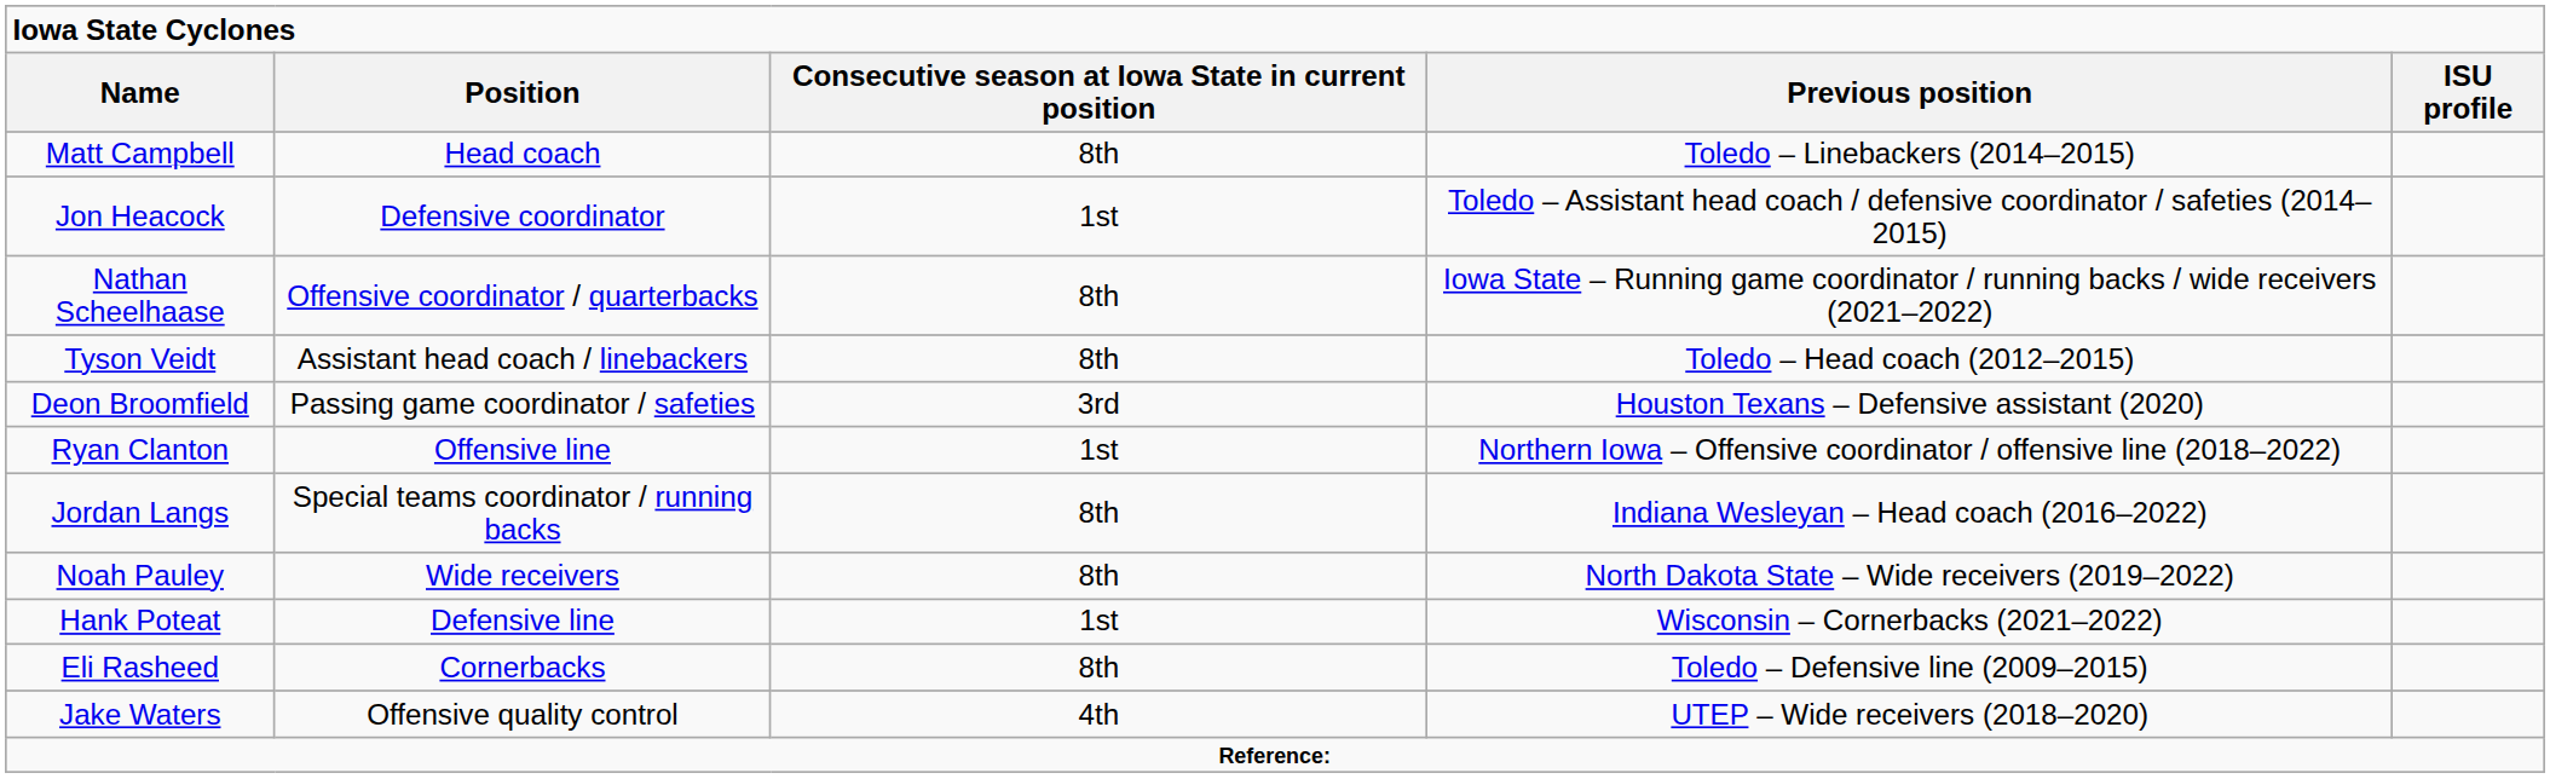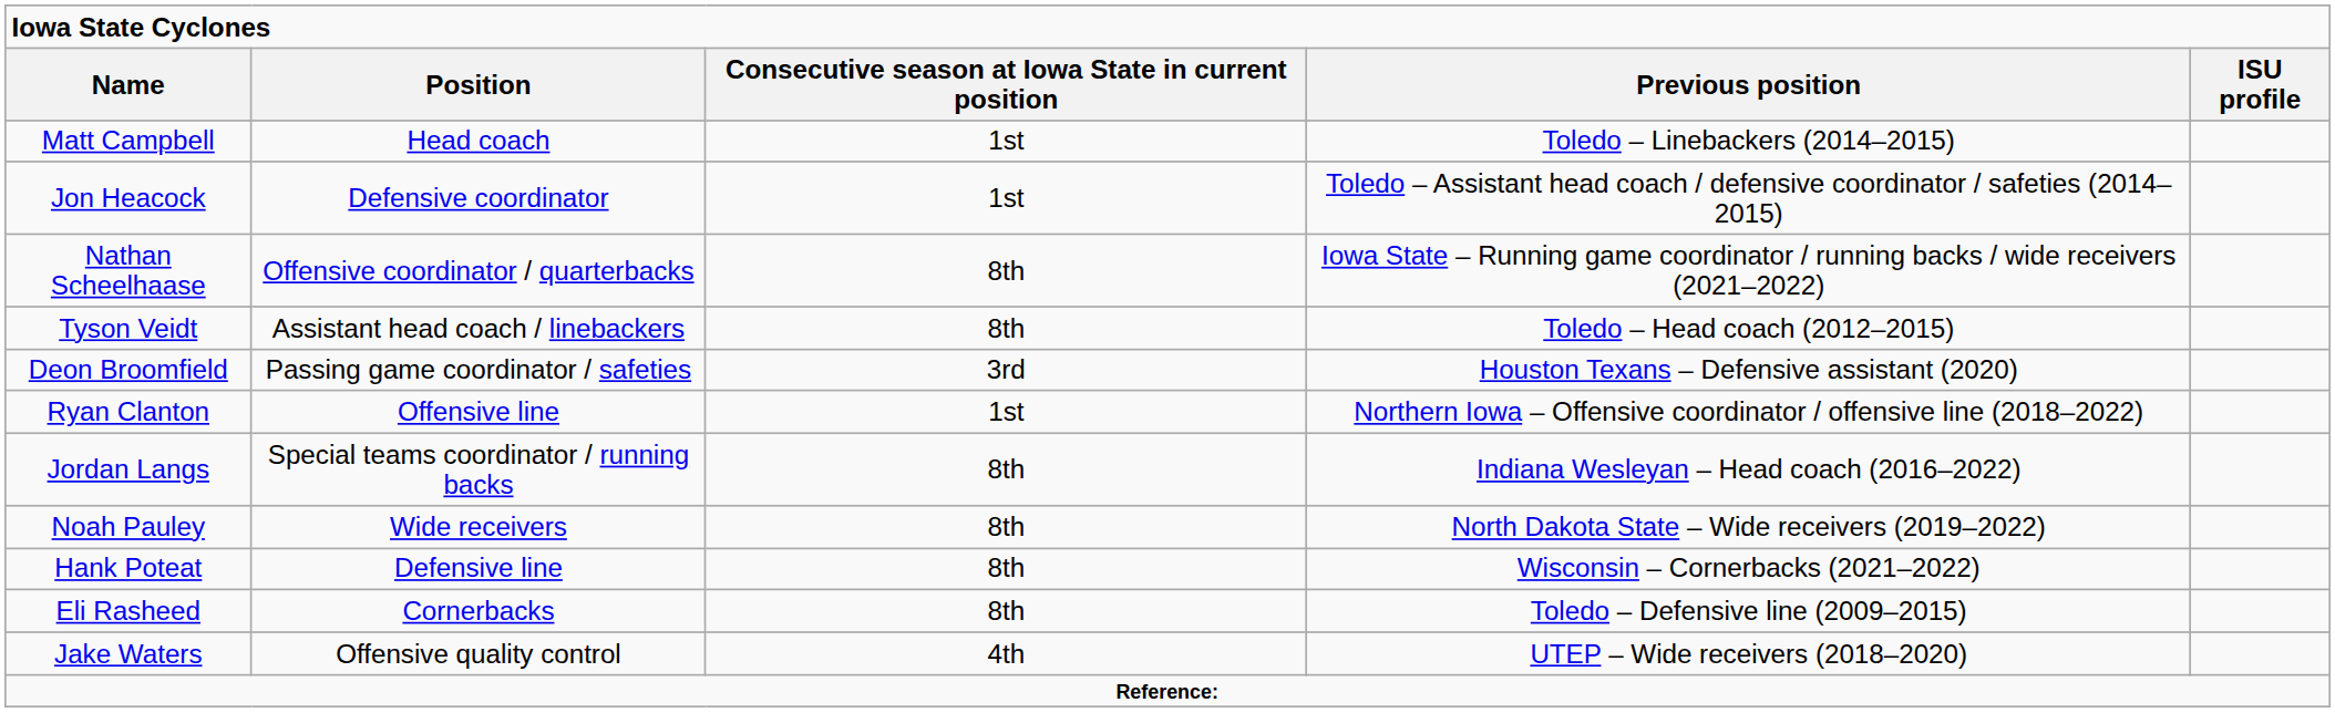 <table class="wikitable" style="font-size:90%;">
 <tr>
 <td colspan=5><strong>Iowa State Cyclones</strong></td>
 </tr>
 <tr align="center";>
 <th>Name</th>
 <th>Position</th>
 <th>Consecutive season at Iowa State in current position</th>
 <th>Previous position</th>
 <th>ISU profile</th>
 </tr>
 <tr align="center";>
 <td><a href='#'>Matt Campbell</a></td>
 <td><a href='#'>Head coach</a></td>
-<td>8th</td>
+<td>1st</td>
 <td><a href='#'>Toledo</a> – Linebackers (2014–2015)</td>
 <td></td>
 </tr>
 <tr align="center";>
 <td><a href='#'>Jon Heacock</a></td>
 <td><a href='#'>Defensive coordinator</a></td>
 <td>1st</td>
 <td><a href='#'>Toledo</a> – Assistant head coach / defensive coordinator / safeties (2014–2015)</td>
 <td></td>
 </tr>
 <tr align="center";>
 <td><a href='#'>Nathan Scheelhaase</a></td>
 <td><a href='#'>Offensive coordinator</a> / <a href='#'>quarterbacks</a></td>
 <td>8th</td>
 <td><a href='#'>Iowa State</a> – Running game coordinator / running backs / wide receivers (2021–2022)</td>
 <td></td>
 </tr>
 <tr align="center";>
 <td><a href='#'>Tyson Veidt</a></td>
 <td>Assistant head coach / <a href='#'>linebackers</a></td>
 <td>8th</td>
 <td><a href='#'>Toledo</a> – Head coach (2012–2015)</td>
 <td></td>
 </tr>
 <tr align="center";>
 <td><a href='#'>Deon Broomfield</a></td>
 <td>Passing game coordinator / <a href='#'>safeties</a></td>
 <td>3rd</td>
 <td><a href='#'>Houston Texans</a> – Defensive assistant (2020)</td>
 <td></td>
 </tr>
 <tr align="center";>
 <td><a href='#'>Ryan Clanton</a></td>
 <td><a href='#'>Offensive line</a></td>
 <td>1st</td>
 <td><a href='#'>Northern Iowa</a> – Offensive coordinator / offensive line (2018–2022)</td>
 <td></td>
 </tr>
 <tr align="center";>
 <td><a href='#'>Jordan Langs</a></td>
 <td>Special teams coordinator / <a href='#'>running backs</a></td>
 <td>8th</td>
 <td><a href='#'>Indiana Wesleyan</a> – Head coach (2016–2022)</td>
 <td></td>
 </tr>
 <tr align="center";>
 <td><a href='#'>Noah Pauley</a></td>
 <td><a href='#'>Wide receivers</a></td>
 <td>8th</td>
 <td><a href='#'>North Dakota State</a> – Wide receivers (2019–2022)</td>
 <td></td>
 </tr>
 <tr align="center";>
 <td><a href='#'>Hank Poteat</a></td>
 <td><a href='#'>Defensive line</a></td>
-<td>1st</td>
+<td>8th</td>
 <td><a href='#'>Wisconsin</a> – Cornerbacks (2021–2022)</td>
 <td></td>
 </tr>
 <tr align="center";>
 <td><a href='#'>Eli Rasheed</a></td>
 <td><a href='#'>Cornerbacks</a></td>
 <td>8th</td>
 <td><a href='#'>Toledo</a> – Defensive line (2009–2015)</td>
 <td></td>
 </tr>
 <tr align="center";>
 <td><a href='#'>Jake Waters</a></td>
 <td>Offensive quality control</td>
 <td>4th</td>
 <td><a href='#'>UTEP</a> – Wide receivers (2018–2020)</td>
 <td></td>
 </tr>
 <tr>
 <td colspan="5" style="font-size:8pt; text-align:center;"><strong>Reference:</strong></td>
 </tr>
 </table>
